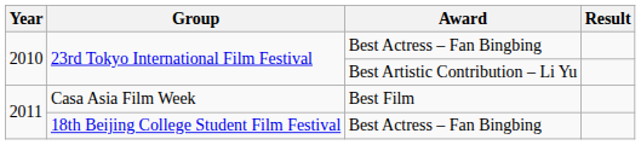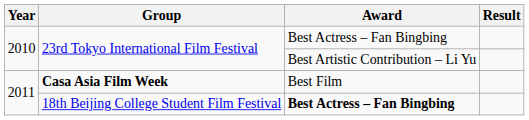 <table class="wikitable">
 <tr>
 <th>Year</th>
 <th>Group</th>
 <th>Award</th>
 <th>Result</th>
 </tr>
 <tr>
 <td rowspan="2">2010</td>
 <td rowspan="2"><a href='#'>23rd Tokyo International Film Festival</a></td>
 <td>Best Actress – Fan Bingbing</td>
 <td></td>
 </tr>
 <tr>
 <td>Best Artistic Contribution – Li Yu</td>
 <td></td>
 </tr>
 <tr>
 <td rowspan="2">2011</td>
-<td>Casa Asia Film Week</td>
+<td><strong>Casa Asia Film Week</strong></td>
 <td>Best Film</td>
 <td></td>
 </tr>
 <tr>
 <td><a href='#'>18th Beijing College Student Film Festival</a></td>
-<td>Best Actress – Fan Bingbing</td>
+<td><strong>Best Actress – Fan Bingbing</strong></td>
 <td></td>
 </tr>
 </table>
